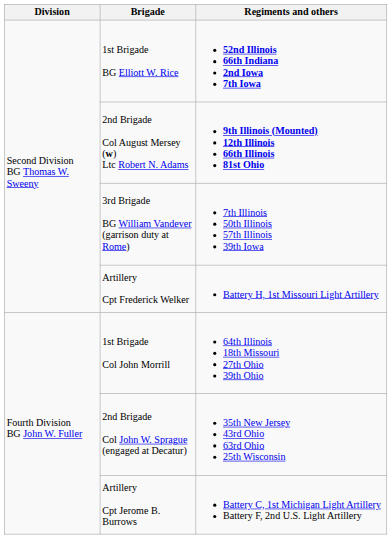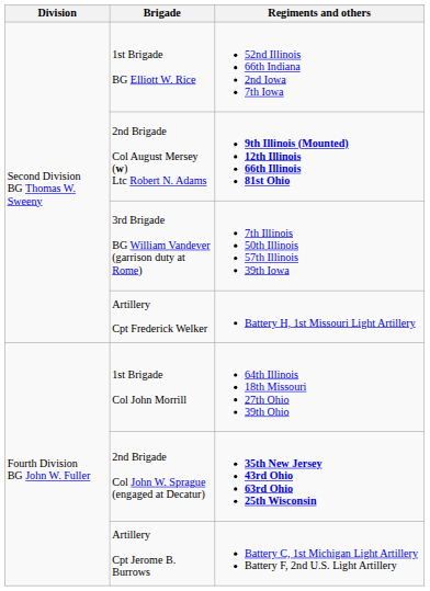 <table class="wikitable">
 <tr>
 <th width=25%>Division</th>
 <th width=25%>Brigade</th>
 <th>Regiments and others</th>
 </tr>
 <tr>
 <td rowspan=4><br>Second Division <br> BG <a href='#'>Thomas W. Sweeny</a></td>
 <td>1st Brigade<br><br> BG <a href='#'>Elliott W. Rice</a></td>
-<td><strong><br><ul><li><a href='#'>52nd Illinois</a></li><li><a href='#'>66th Indiana</a></li><li><a href='#'>2nd Iowa</a></li><li><a href='#'>7th Iowa</a></li></ul></strong></td>
+<td><br><ul><li><a href='#'>52nd Illinois</a></li><li><a href='#'>66th Indiana</a></li><li><a href='#'>2nd Iowa</a></li><li><a href='#'>7th Iowa</a></li></ul></td>
 </tr>
 <tr>
 <td>2nd Brigade<br><br> Col August Mersey (<strong>w</strong>)<br> Ltc <a href='#'>Robert N. Adams</a></td>
 <td><strong><br><ul><li><a href='#'>9th Illinois (Mounted)</a></li><li><a href='#'>12th Illinois</a></li><li><a href='#'>66th Illinois</a></li><li><a href='#'>81st Ohio</a></li></ul></strong></td>
 </tr>
 <tr>
 <td>3rd Brigade<br><br> BG <a href='#'>William Vandever</a><br>(garrison duty at <a href='#'>Rome</a>)</td>
 <td><br><ul><li><a href='#'>7th Illinois</a></li><li><a href='#'>50th Illinois</a></li><li><a href='#'>57th Illinois</a></li><li><a href='#'>39th Iowa</a></li></ul></td>
 </tr>
 <tr>
 <td>Artillery<br><br> Cpt Frederick Welker</td>
 <td><br><ul><li><a href='#'>Battery H, 1st Missouri Light Artillery</a></li></ul></td>
 </tr>
 <tr>
 <td rowspan= 3><br>Fourth Division <br> BG <a href='#'>John W. Fuller</a></td>
 <td>1st Brigade<br><br> Col John Morrill</td>
 <td><br><ul><li><a href='#'>64th Illinois</a></li><li><a href='#'>18th Missouri</a></li><li><a href='#'>27th Ohio</a></li><li><a href='#'>39th Ohio</a></li></ul></td>
 </tr>
 <tr>
 <td>2nd Brigade<br><br> Col <a href='#'>John W. Sprague</a><br>(engaged at Decatur)</td>
-<td><br><ul><li><a href='#'>35th New Jersey</a></li><li><a href='#'>43rd Ohio</a></li><li><a href='#'>63rd Ohio</a></li><li><a href='#'>25th Wisconsin</a></li></ul></td>
+<td><strong><br><ul><li><a href='#'>35th New Jersey</a></li><li><a href='#'>43rd Ohio</a></li><li><a href='#'>63rd Ohio</a></li><li><a href='#'>25th Wisconsin</a></li></ul></strong></td>
 </tr>
 <tr>
 <td>Artillery<br><br> Cpt Jerome B. Burrows</td>
 <td><br><ul><li><a href='#'>Battery C, 1st Michigan Light Artillery</a></li><li>Battery F, 2nd U.S. Light Artillery</li></ul></td>
 </tr>
 </table>
